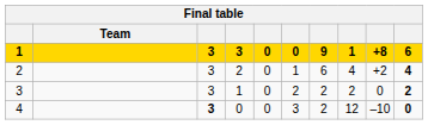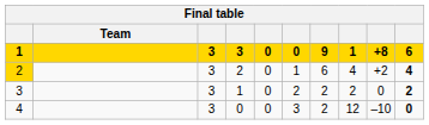 <table class="wikitable" style="text-align: center;">
 <tr>
 <th colspan="10">Final table</th>
 </tr>
 <tr>
 <th width=30></th>
 <th width="210">Team</th>
 <th width=30></th>
 <th width=30></th>
 <th width=30></th>
 <th width=30></th>
 <th width=30></th>
 <th width=30></th>
 <th width=30></th>
 <th width=30></th>
 </tr>
 <tr bgcolor="gold">
 <td><strong>1</strong></td>
 <td style="text-align:left"><strong></strong></td>
 <td><strong>3</strong></td>
 <td><strong>3</strong></td>
 <td><strong>0</strong></td>
 <td><strong>0</strong></td>
 <td><strong>9</strong></td>
 <td><strong>1</strong></td>
 <td><strong>+8</strong></td>
 <td><strong>6</strong></td>
 </tr>
 <tr>
-<td>2</td>
+<td style="background: gold;">2</td>
 <td style="text-align:left"></td>
 <td>3</td>
 <td>2</td>
 <td>0</td>
 <td>1</td>
 <td>6</td>
 <td>4</td>
 <td>+2</td>
 <td><strong>4</strong></td>
 </tr>
 <tr>
 <td>3</td>
 <td style="text-align:left"></td>
 <td>3</td>
 <td>1</td>
 <td>0</td>
 <td>2</td>
 <td>2</td>
 <td>2</td>
 <td>0</td>
 <td><strong>2</strong></td>
 </tr>
 <tr>
 <td>4</td>
 <td style="text-align:left"></td>
-<td><strong>3</strong></td>
+<td>3</td>
 <td>0</td>
 <td>0</td>
 <td>3</td>
 <td>2</td>
 <td>12</td>
 <td>–10</td>
 <td><strong>0</strong></td>
 </tr>
 </table>
